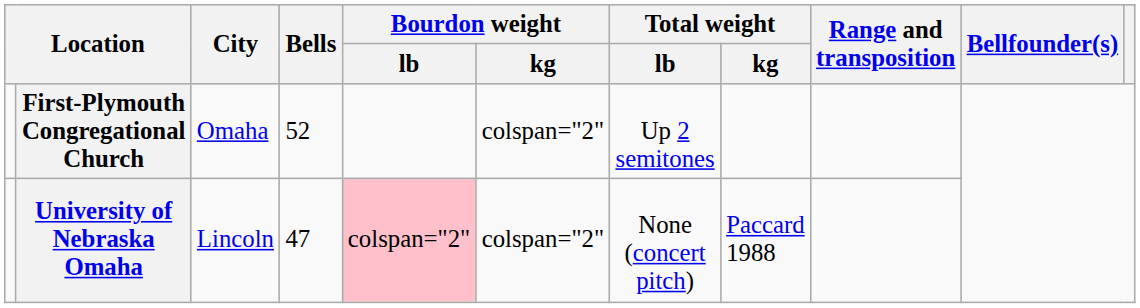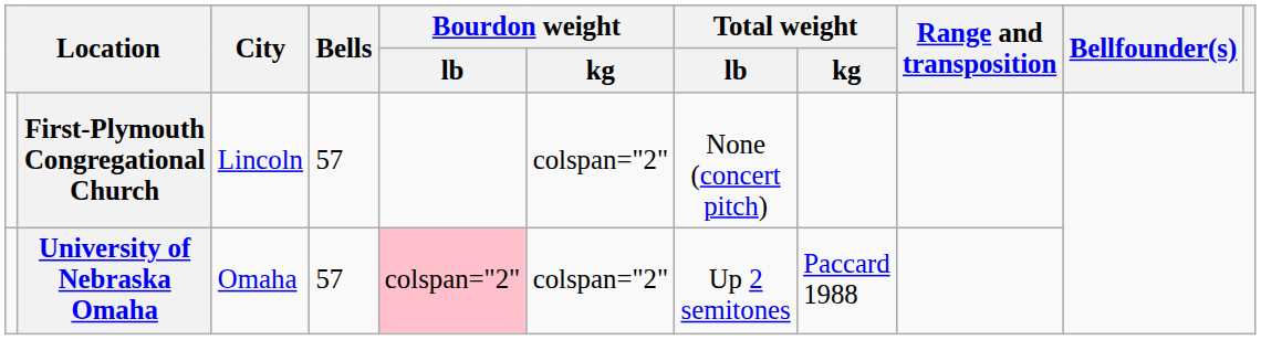 <table class="wikitable sortable plainrowheaders">
 <tr>
 <th scope="col" colspan="2" rowspan="2" class="unsortable">Location</th>
 <th scope="col" rowspan="2">City</th>
 <th scope="col" rowspan="2">Bells</th>
 <th scope="col" colspan="2"><a href='#'>Bourdon</a> weight</th>
 <th scope="col" colspan="2">Total weight</th>
 <th scope="col" rowspan="2" class="unsortable"><a href='#'>Range</a> and<br><a href='#'>transposition</a></th>
 <th scope="col" rowspan="2" class="unsortable"><a href='#'>Bellfounder(s)</a></th>
 <th scope="col" rowspan="2" class="unsortable"></th>
 </tr>
 <tr>
 <th scope="col">lb</th>
 <th scope="col">kg</th>
 <th scope="col">lb</th>
 <th scope="col">kg</th>
 </tr>
 <tr>
 <td></td>
 <th scope="row">First-Plymouth Congregational Church</th>
-<td><a href='#'>Omaha</a></td>
-<td>52</td>
+<td><a href='#'>Lincoln</a></td>
+<td>57</td>
 <td></td>
 <td>colspan="2" </td>
-<td style="text-align: center"><br>Up <a href='#'>2 semitones</a></td>
+<td style="text-align: center"><br>None (<a href='#'>concert pitch</a>)</td>
 <td></td>
 <td></td>
 </tr>
 <tr>
 <td></td>
 <th scope="row"><a href='#'>University of Nebraska Omaha</a></th>
-<td><a href='#'>Lincoln</a></td>
-<td>47</td>
+<td><a href='#'>Omaha</a></td>
+<td>57</td>
 <td style="background: pink;">colspan="2" </td>
 <td>colspan="2" </td>
-<td style="text-align: center"><br>None (<a href='#'>concert pitch</a>)</td>
+<td style="text-align: center"><br>Up <a href='#'>2 semitones</a></td>
 <td><a href='#'>Paccard</a> 1988</td>
 <td></td>
 </tr>
 </table>
